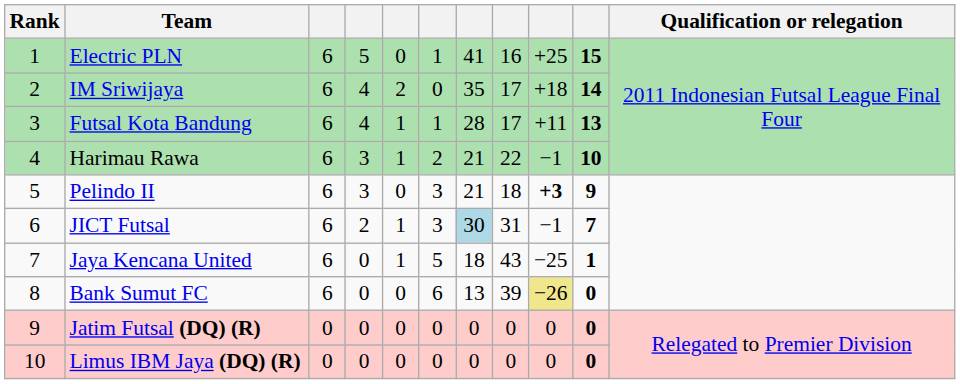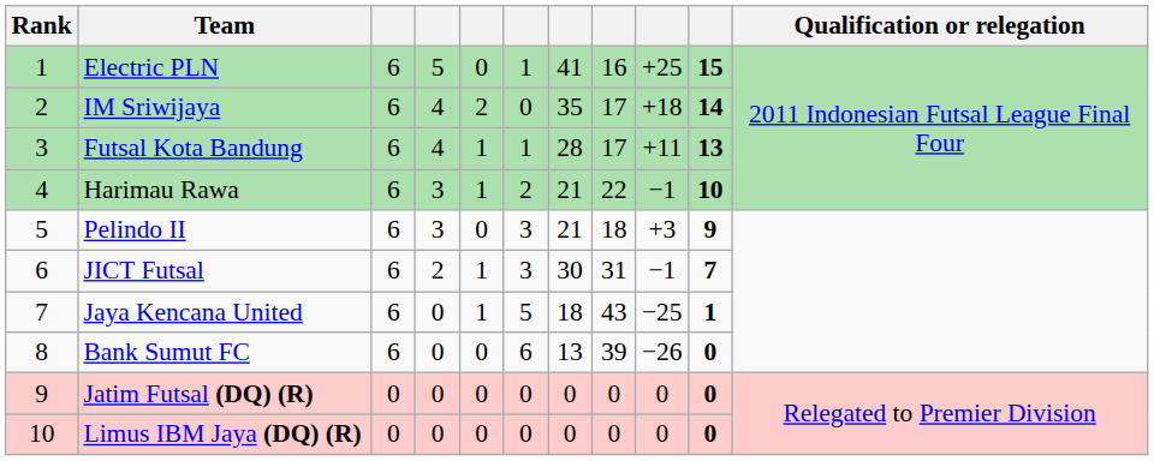 <table class="wikitable" style="text-align:center">
 <tr>
 <th width="30">Rank</th>
 <th width="175">Team</th>
 <th width="20"></th>
 <th width="20"></th>
 <th width="20"></th>
 <th width="20"></th>
 <th width="20"></th>
 <th width="20"></th>
 <th width="20"></th>
 <th width="20"></th>
 <th width="250">Qualification or relegation</th>
 </tr>
 <tr bgcolor=#ACE1AF>
 <td>1</td>
 <td align=left><a href='#'>Electric PLN</a></td>
 <td>6</td>
 <td>5</td>
 <td>0</td>
 <td>1</td>
 <td>41</td>
 <td>16</td>
 <td>+25</td>
 <td><strong>15</strong></td>
 <td rowspan=4><a href='#'>2011 Indonesian Futsal League Final Four</a></td>
 </tr>
 <tr bgcolor=#ACE1AF>
 <td>2</td>
 <td align=left><a href='#'>IM Sriwijaya</a></td>
 <td>6</td>
 <td>4</td>
 <td>2</td>
 <td>0</td>
 <td>35</td>
 <td>17</td>
 <td>+18</td>
 <td><strong>14</strong></td>
 </tr>
 <tr bgcolor=#ACE1AF>
 <td>3</td>
 <td align=left><a href='#'>Futsal Kota Bandung</a></td>
 <td>6</td>
 <td>4</td>
 <td>1</td>
 <td>1</td>
 <td>28</td>
 <td>17</td>
 <td>+11</td>
 <td><strong>13</strong></td>
 </tr>
 <tr bgcolor=#ACE1AF>
 <td>4</td>
 <td align=left>Harimau Rawa</td>
 <td>6</td>
 <td>3</td>
 <td>1</td>
 <td>2</td>
 <td>21</td>
 <td>22</td>
 <td>−1</td>
 <td><strong>10</strong></td>
 </tr>
 <tr>
 <td>5</td>
 <td align=left><a href='#'>Pelindo II</a></td>
 <td>6</td>
 <td>3</td>
 <td>0</td>
 <td>3</td>
 <td>21</td>
 <td>18</td>
-<td><strong>+3</strong></td>
+<td>+3</td>
 <td><strong>9</strong></td>
 </tr>
 <tr>
 <td>6</td>
 <td align=left><a href='#'>JICT Futsal</a></td>
 <td>6</td>
 <td>2</td>
 <td>1</td>
 <td>3</td>
-<td style="background: lightblue;">30</td>
+<td>30</td>
 <td>31</td>
 <td>−1</td>
 <td><strong>7</strong></td>
 </tr>
 <tr>
 <td>7</td>
 <td align=left><a href='#'>Jaya Kencana United</a></td>
 <td>6</td>
 <td>0</td>
 <td>1</td>
 <td>5</td>
 <td>18</td>
 <td>43</td>
 <td>−25</td>
 <td><strong>1</strong></td>
 </tr>
 <tr>
 <td>8</td>
 <td align=left><a href='#'>Bank Sumut FC</a></td>
 <td>6</td>
 <td>0</td>
 <td>0</td>
 <td>6</td>
 <td>13</td>
 <td>39</td>
-<td style="background: khaki;">−26</td>
+<td>−26</td>
 <td><strong>0</strong></td>
 </tr>
 <tr bgcolor=#FFCCCC>
 <td>9</td>
 <td align=left><a href='#'>Jatim Futsal</a> <strong>(DQ) (R)</strong></td>
 <td>0</td>
 <td>0</td>
 <td>0</td>
 <td>0</td>
 <td>0</td>
 <td>0</td>
 <td>0</td>
 <td><strong>0</strong></td>
 <td rowspan=2><a href='#'>Relegated</a> to <a href='#'>Premier Division</a></td>
 </tr>
 <tr bgcolor=#FFCCCC>
 <td>10</td>
 <td align=left><a href='#'>Limus IBM Jaya</a> <strong>(DQ) (R)</strong></td>
 <td>0</td>
 <td>0</td>
 <td>0</td>
 <td>0</td>
 <td>0</td>
 <td>0</td>
 <td>0</td>
 <td><strong>0</strong></td>
 </tr>
 </table>
